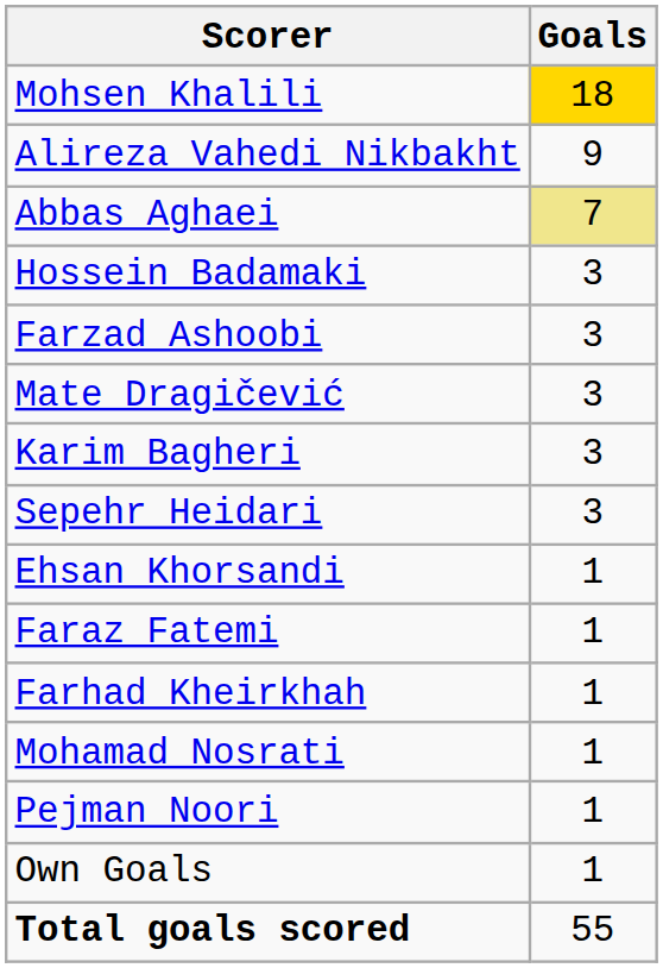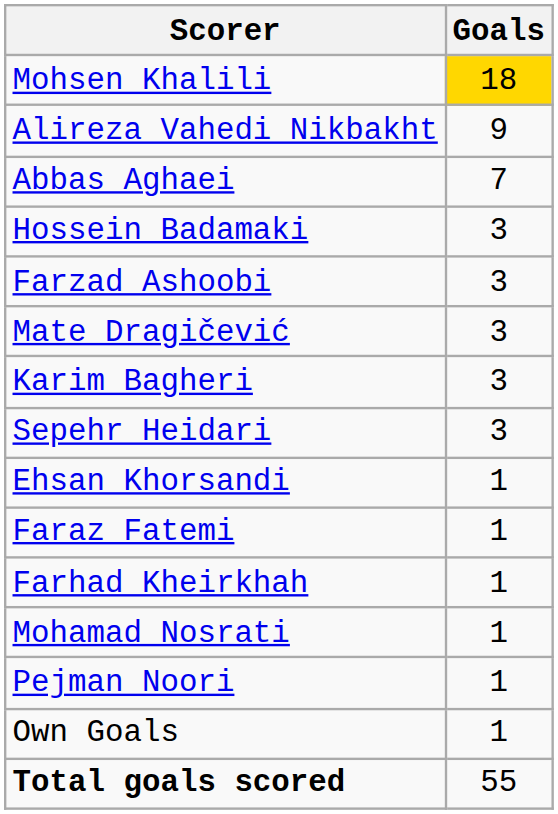 <table class="wikitable">
 <tr>
 <th>Scorer</th>
 <th>Goals</th>
 </tr>
 <tr>
 <td> <a href='#'>Mohsen Khalili</a></td>
 <td style="text-align:center; background:Gold">18</td>
 </tr>
 <tr>
 <td> <a href='#'>Alireza Vahedi Nikbakht</a></td>
 <td style="text-align:center;">9</td>
 </tr>
 <tr>
 <td> <a href='#'>Abbas Aghaei</a></td>
-<td style="background: khaki; text-align:center;">7</td>
+<td style="text-align:center;">7</td>
 </tr>
 <tr>
 <td> <a href='#'>Hossein Badamaki</a></td>
 <td style="text-align:center;">3</td>
 </tr>
 <tr>
 <td> <a href='#'>Farzad Ashoobi</a></td>
 <td style="text-align:center;">3</td>
 </tr>
 <tr>
 <td> <a href='#'>Mate Dragičević</a></td>
 <td style="text-align:center;">3</td>
 </tr>
 <tr>
 <td> <a href='#'>Karim Bagheri</a></td>
 <td style="text-align:center;">3</td>
 </tr>
 <tr>
 <td> <a href='#'>Sepehr Heidari</a></td>
 <td style="text-align:center;">3</td>
 </tr>
 <tr>
 <td> <a href='#'>Ehsan Khorsandi</a></td>
 <td style="text-align:center;">1</td>
 </tr>
 <tr>
 <td> <a href='#'>Faraz Fatemi</a></td>
 <td style="text-align:center;">1</td>
 </tr>
 <tr>
 <td> <a href='#'>Farhad Kheirkhah</a></td>
 <td style="text-align:center;">1</td>
 </tr>
 <tr>
 <td> <a href='#'>Mohamad Nosrati</a></td>
 <td style="text-align:center;">1</td>
 </tr>
 <tr>
 <td> <a href='#'>Pejman Noori</a></td>
 <td style="text-align:center;">1</td>
 </tr>
 <tr>
 <td>Own Goals</td>
 <td style="text-align:center;">1</td>
 </tr>
 <tr>
 <td><strong>Total goals scored</strong></td>
 <td style="text-align:center;">55</td>
 </tr>
 </table>
